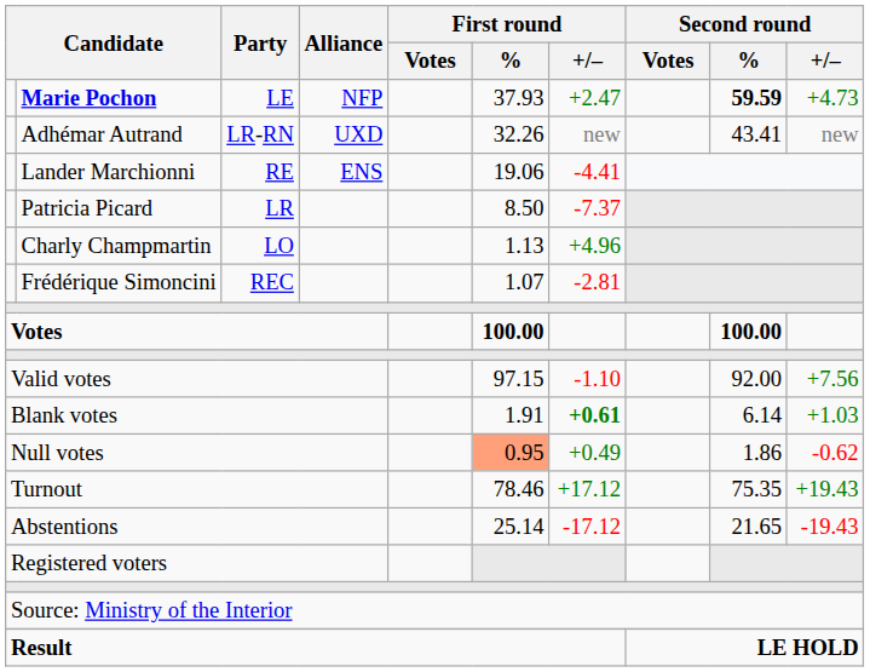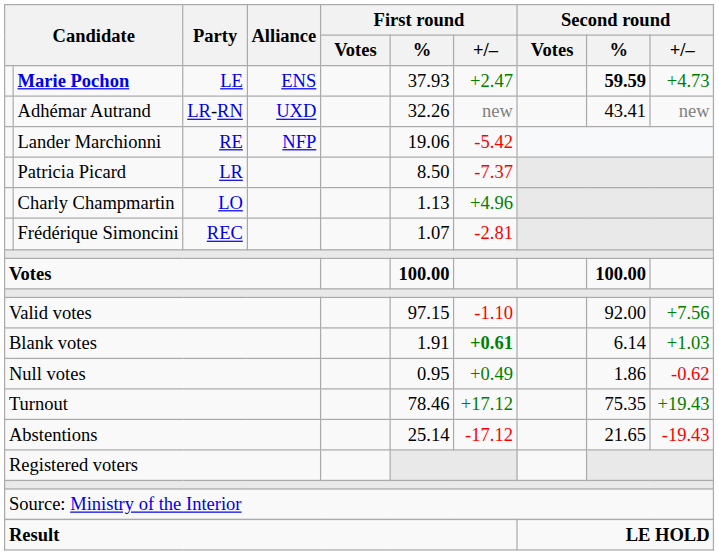 <table class="wikitable" style="text-align:right;font-size:95%;">
 <tr>
 <th rowspan="2" colspan="2">Candidate</th>
 <th rowspan="2">Party</th>
 <th rowspan="2">Alliance</th>
 <th colspan="3">First round</th>
 <th colspan="3">Second round</th>
 </tr>
 <tr>
 <th style="width:50px;">Votes</th>
 <th style="width:45px;">%</th>
 <th style="width:45px;">+/–</th>
 <th style="width:50px;">Votes</th>
 <th style="width:45px;">%</th>
 <th style="width:45px;">+/–</th>
 </tr>
 <tr>
 <td style="color:inherit;background:"></td>
 <td style="text-align:left;"><strong><a href='#'>Marie Pochon</a></strong></td>
 <td><a href='#'>LE</a></td>
-<td><a href='#'>NFP</a></td>
+<td><a href='#'>ENS</a></td>
 <td></td>
 <td>37.93</td>
 <td style="color:green;">+2.47</td>
 <td><strong></strong></td>
 <td><strong>59.59</strong></td>
 <td style="color:green;">+4.73</td>
 </tr>
 <tr>
 <td style="color:inherit;background:"></td>
 <td style="text-align:left;">Adhémar Autrand</td>
 <td><a href='#'>LR</a>-<a href='#'>RN</a></td>
 <td><a href='#'>UXD</a></td>
 <td></td>
 <td>32.26</td>
 <td style="color:grey;">new</td>
 <td></td>
 <td>43.41</td>
 <td style="color:grey;">new</td>
 </tr>
 <tr>
 <td style="color:inherit;background:"></td>
 <td style="text-align:left;">Lander Marchionni</td>
 <td><a href='#'>RE</a></td>
-<td><a href='#'>ENS</a></td>
+<td><a href='#'>NFP</a></td>
 <td></td>
 <td>19.06</td>
-<td style="color:red;">-4.41</td>
+<td style="color:red;">-5.42</td>
 <td colspan="3" style="background:#F8F9FA;"></td>
 </tr>
 <tr>
 <td style="color:inherit;background:"></td>
 <td style="text-align:left;">Patricia Picard</td>
 <td><a href='#'>LR</a></td>
 <td></td>
 <td></td>
 <td>8.50</td>
 <td style="color:red;">-7.37</td>
 <td colspan="3" style="background:#E9E9E9;"></td>
 </tr>
 <tr>
 <td style="color:inherit;background:"></td>
 <td style="text-align:left;">Charly Champmartin</td>
 <td><a href='#'>LO</a></td>
 <td></td>
 <td></td>
 <td>1.13</td>
 <td style="color:green;">+4.96</td>
 <td colspan="3" style="background:#E9E9E9;"></td>
 </tr>
 <tr>
 <td style="color:inherit;background:"></td>
 <td style="text-align:left;">Frédérique Simoncini</td>
 <td><a href='#'>REC</a></td>
 <td></td>
 <td></td>
 <td>1.07</td>
 <td style="color:red;">-2.81</td>
 <td colspan="3" style="background:#E9E9E9;"></td>
 </tr>
 <tr>
 <td colspan="10" style="background:#E9E9E9;"></td>
 </tr>
 <tr style="font-weight:bold;">
 <td colspan="4" style="text-align:left;">Votes</td>
 <td></td>
 <td>100.00</td>
 <td></td>
 <td></td>
 <td>100.00</td>
 <td></td>
 </tr>
 <tr>
 <td colspan="10" style="background:#E9E9E9;"></td>
 </tr>
 <tr>
 <td colspan="4" style="text-align:left;">Valid votes</td>
 <td></td>
 <td>97.15</td>
 <td style="color:red;">-1.10</td>
 <td></td>
 <td>92.00</td>
 <td style="color:green;">+7.56</td>
 </tr>
 <tr>
 <td colspan="4" style="text-align:left;">Blank votes</td>
 <td></td>
 <td>1.91</td>
 <td style="color:green;"><strong>+0.61</strong></td>
 <td></td>
 <td>6.14</td>
 <td style="color:green;">+1.03</td>
 </tr>
 <tr>
 <td colspan="4" style="text-align:left;">Null votes</td>
 <td></td>
-<td style="background: lightsalmon;">0.95</td>
+<td>0.95</td>
 <td style="color:green;">+0.49</td>
 <td></td>
 <td>1.86</td>
 <td style="color:red;">-0.62</td>
 </tr>
 <tr>
 <td colspan="4" style="text-align:left;">Turnout</td>
 <td></td>
 <td>78.46</td>
 <td style="color:green;">+17.12</td>
 <td></td>
 <td>75.35</td>
 <td style="color:green;">+19.43</td>
 </tr>
 <tr>
 <td colspan="4" style="text-align:left;">Abstentions</td>
 <td></td>
 <td>25.14</td>
 <td style="color:red;">-17.12</td>
 <td></td>
 <td>21.65</td>
 <td style="color:red;">-19.43</td>
 </tr>
 <tr>
 <td colspan="4" style="text-align:left;">Registered voters</td>
 <td></td>
 <td colspan="2" style="background:#E9E9E9;"></td>
 <td></td>
 <td colspan="2" style="background:#E9E9E9;"></td>
 </tr>
 <tr>
 <td colspan="10" style="background:#E9E9E9;"></td>
 </tr>
 <tr>
 <td colspan="10" style="text-align:left;">Source: <a href='#'>Ministry of the Interior</a></td>
 </tr>
 <tr>
 </tr>
 <tr style="font-weight:bold">
 <td colspan="7" style="text-align:left;">Result</td>
 <td colspan="7" style="background-color:">LE HOLD</td>
 </tr>
 </table>
